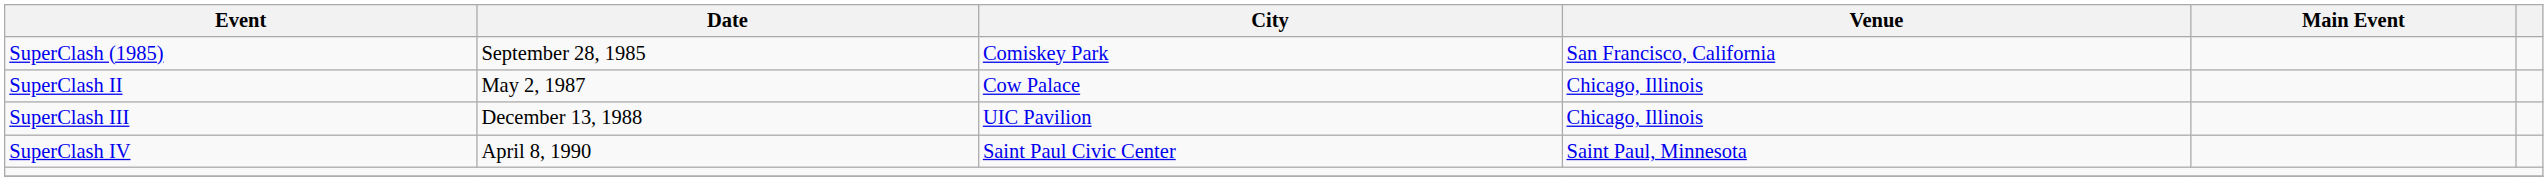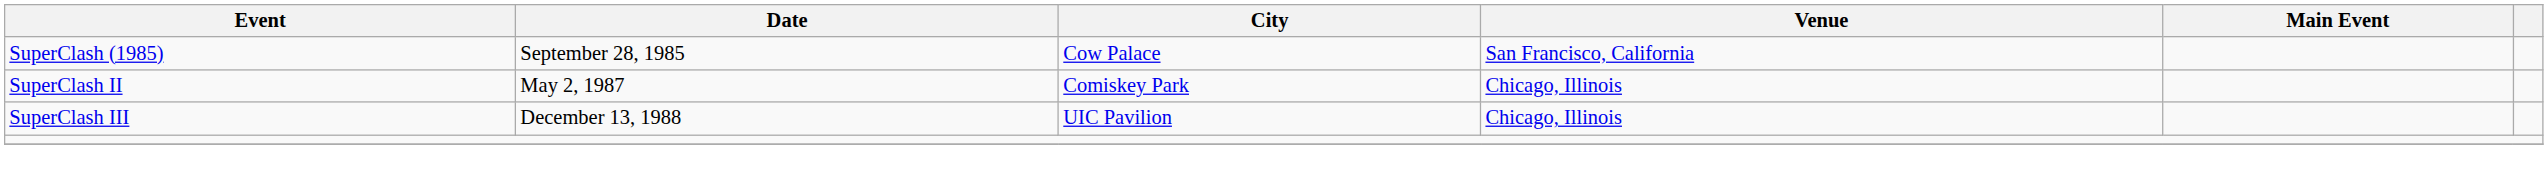 <table class="wikitable sortable" style="align: center" width=100%>
 <tr>
 <th scope="col">Event</th>
 <th scope="col">Date</th>
 <th scope="col">City</th>
 <th scope="col">Venue</th>
 <th class="unsortable" scope="col">Main Event</th>
 <th class="unsortable" scope="col"></th>
 </tr>
 <tr>
 <td><a href='#'>SuperClash (1985)</a></td>
 <td>September 28, 1985</td>
-<td><a href='#'>Comiskey Park</a></td>
+<td><a href='#'>Cow Palace</a></td>
 <td><a href='#'>San Francisco, California</a></td>
 <td></td>
 <td></td>
 </tr>
 <tr>
 <td><a href='#'>SuperClash II</a></td>
 <td>May 2, 1987</td>
-<td><a href='#'>Cow Palace</a></td>
+<td><a href='#'>Comiskey Park</a></td>
 <td><a href='#'>Chicago, Illinois</a></td>
 <td></td>
 <td></td>
 </tr>
 <tr>
 <td><a href='#'>SuperClash III</a></td>
 <td>December 13, 1988</td>
 <td><a href='#'>UIC Pavilion</a></td>
 <td><a href='#'>Chicago, Illinois</a></td>
 <td></td>
 <td></td>
 </tr>
 <tr>
-<td><a href='#'>SuperClash IV</a></td>
-<td>April 8, 1990</td>
-<td><a href='#'>Saint Paul Civic Center</a></td>
-<td><a href='#'>Saint Paul, Minnesota</a></td>
-<td></td>
-<td></td>
-</tr>
-<tr>
 <td colspan=6></td>
 </tr>
 <tr>
 </tr>
 </table>
